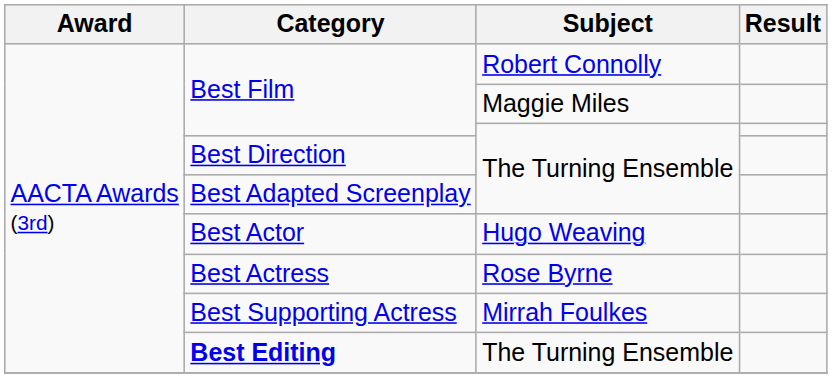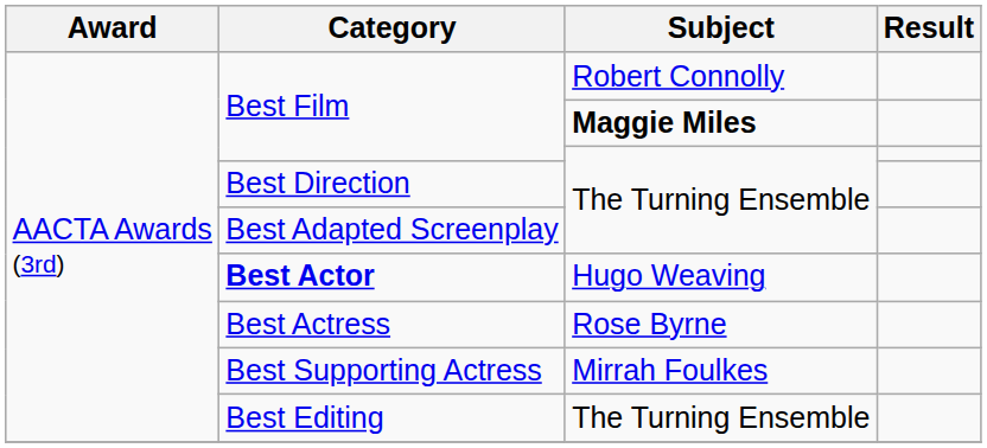 <table class="wikitable">
 <tr>
 <th>Award</th>
 <th>Category</th>
 <th>Subject</th>
 <th>Result</th>
 </tr>
 <tr>
 <td rowspan=9><a href='#'>AACTA Awards</a><br><small>(<a href='#'>3rd</a>)</small></td>
 <td rowspan=3><a href='#'>Best Film</a></td>
 <td><a href='#'>Robert Connolly</a></td>
 <td></td>
 </tr>
 <tr>
-<td>Maggie Miles</td>
+<td><strong>Maggie Miles</strong></td>
 <td></td>
 </tr>
 <tr>
 <td rowspan=3>The Turning Ensemble</td>
 <td></td>
 </tr>
 <tr>
 <td><a href='#'>Best Direction</a></td>
 <td></td>
 </tr>
 <tr>
 <td><a href='#'>Best Adapted Screenplay</a></td>
 <td></td>
 </tr>
 <tr>
-<td><a href='#'>Best Actor</a></td>
+<td><strong><a href='#'>Best Actor</a></strong></td>
 <td><a href='#'>Hugo Weaving</a></td>
 <td></td>
 </tr>
 <tr>
 <td><a href='#'>Best Actress</a></td>
 <td><a href='#'>Rose Byrne</a></td>
 <td></td>
 </tr>
 <tr>
 <td><a href='#'>Best Supporting Actress</a></td>
 <td><a href='#'>Mirrah Foulkes</a></td>
 <td></td>
 </tr>
 <tr>
-<td><strong><a href='#'>Best Editing</a></strong></td>
+<td><a href='#'>Best Editing</a></td>
 <td>The Turning Ensemble</td>
 <td></td>
 </tr>
 <tr>
 </tr>
 </table>
